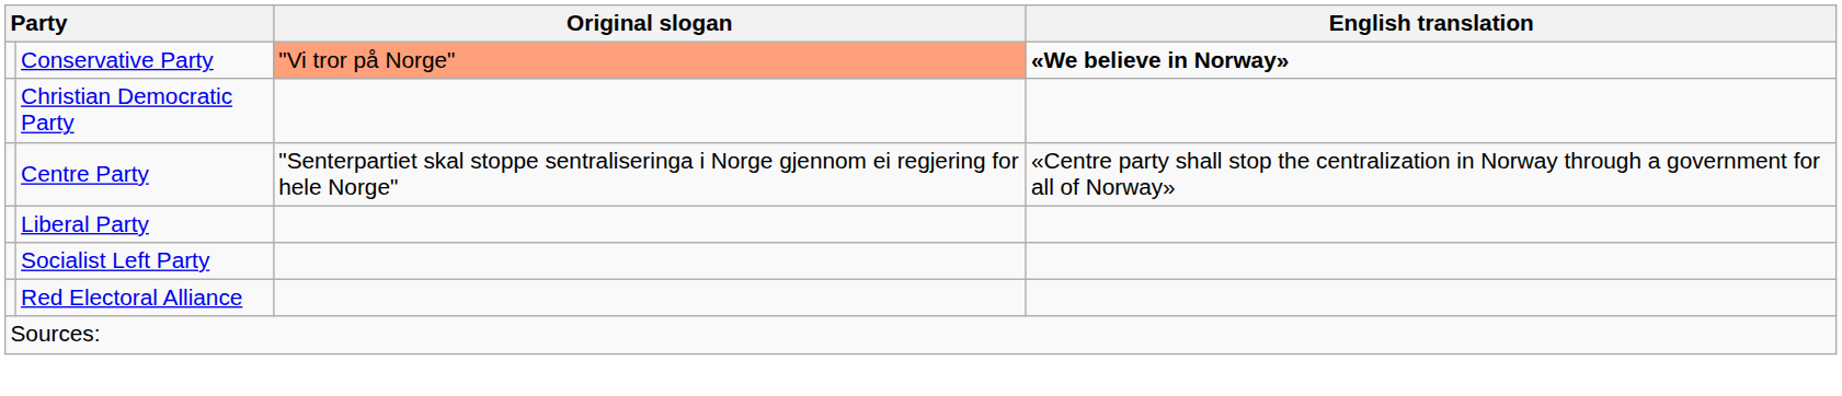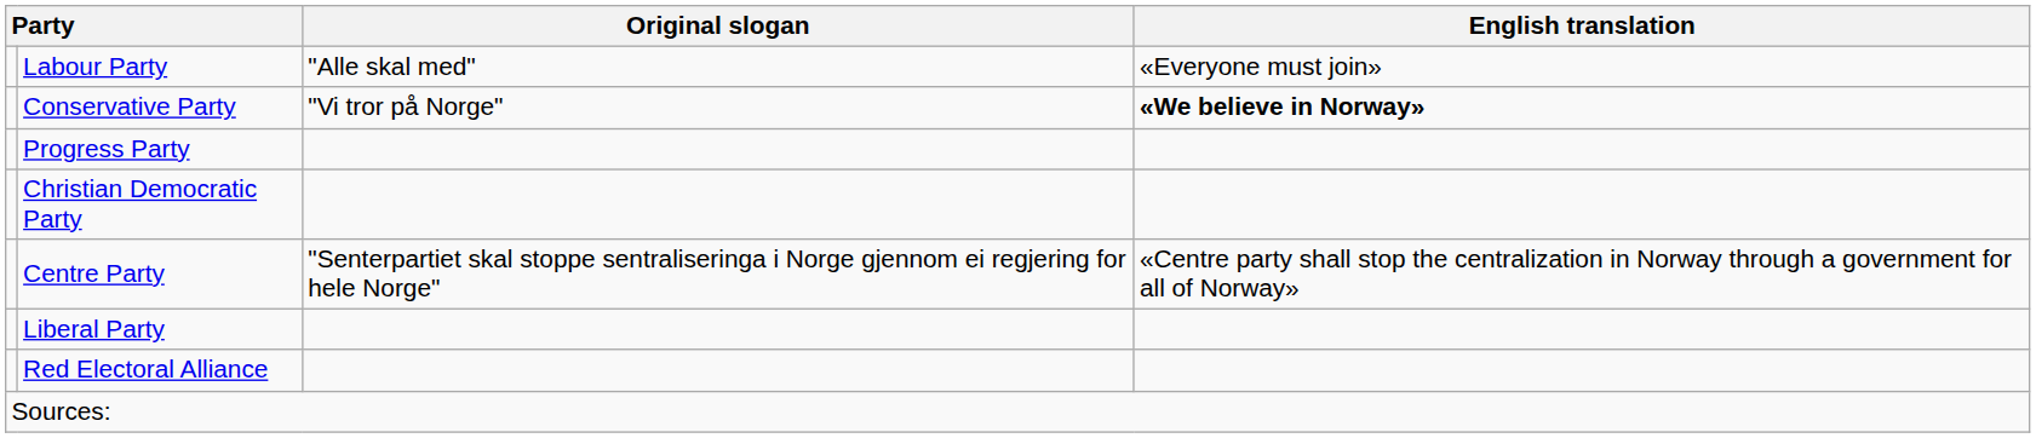 <table class="wikitable" style="font-size:97%; text-align:left">
 <tr>
 <th colspan="2" style="text-align:left;">Party</th>
 <th>Original slogan</th>
 <th>English translation</th>
 </tr>
 <tr>
 <td style="background:"></td>
+<td><a href='#'>Labour Party</a></td>
+<td>"Alle skal med"</td>
+<td>«Everyone must join»</td>
+</tr>
+<tr>
+<td style="background:"></td>
 <td><a href='#'>Conservative Party</a></td>
-<td style="background: lightsalmon;">"Vi tror på Norge"</td>
+<td>"Vi tror på Norge"</td>
 <td><strong>«We believe in Norway»</strong></td>
+</tr>
+<tr>
+<td style="background:"></td>
+<td><a href='#'>Progress Party</a></td>
+<td></td>
+<td></td>
 </tr>
 <tr>
 <td style="background:"></td>
 <td><a href='#'>Christian Democratic Party</a></td>
 <td></td>
 <td></td>
 </tr>
 <tr>
 <td style="background:"></td>
 <td><a href='#'>Centre Party</a></td>
 <td>"Senterpartiet skal stoppe sentraliseringa i Norge gjennom ei regjering for hele Norge"</td>
 <td>«Centre party shall stop the centralization in Norway through a government for all of Norway»</td>
 </tr>
 <tr>
 <td style="background:"></td>
 <td><a href='#'>Liberal Party</a></td>
 <td></td>
 <td></td>
 </tr>
 <tr>
 <td style="background:"></td>
-<td><a href='#'>Socialist Left Party</a></td>
-<td></td>
-<td></td>
-</tr>
-<tr>
-<td style="background:"></td>
 <td><a href='#'>Red Electoral Alliance</a></td>
 <td></td>
 <td></td>
 </tr>
 <tr>
 <td colspan="4">Sources: </td>
 </tr>
 </table>
